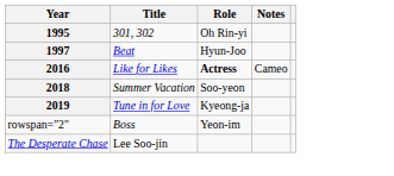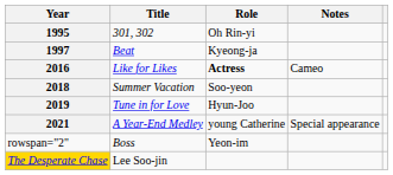 <table class="wikitable plainrowheaders">
 <tr>
 <th scope="col">Year</th>
 <th scope="col">Title</th>
 <th scope="col">Role</th>
 <th scope="col" class="unsortable">Notes</th>
 <th scope="col" class="unsortable"></th>
 </tr>
 <tr>
 <th scope="row">1995</th>
 <td><em>301, 302</em></td>
 <td>Oh Rin-yi</td>
 <td style="text-align:center"></td>
 </tr>
 <tr>
 <th scope="row">1997</th>
 <td><em><a href='#'>Beat</a></em></td>
-<td>Hyun-Joo</td>
+<td>Kyeong-ja</td>
 <td></td>
 <td style="text-align:center"></td>
 </tr>
 <tr>
 <th scope="row">2016</th>
 <td><em><a href='#'>Like for Likes</a></em></td>
 <td><strong>Actress</strong></td>
 <td>Cameo</td>
 <td style="text-align:center"></td>
 </tr>
 <tr>
 <th scope="row">2018</th>
 <td><em>Summer Vacation</em></td>
 <td>Soo-yeon</td>
 <td></td>
 <td style="text-align:center"></td>
 </tr>
 <tr>
 <th scope="row">2019</th>
 <td><em><a href='#'>Tune in for Love</a></em></td>
-<td>Kyeong-ja</td>
+<td>Hyun-Joo</td>
 <td></td>
+<td style="text-align:center"></td>
+</tr>
+<tr>
+<th scope="row">2021</th>
+<td><em><a href='#'>A Year-End Medley</a></em></td>
+<td>young Catherine</td>
+<td>Special appearance</td>
 <td style="text-align:center"></td>
 </tr>
 <tr>
 <td>rowspan="2" </td>
 <td><em>Boss</em></td>
 <td>Yeon-im</td>
 <td></td>
 <td style="text-align:center"></td>
 </tr>
 <tr>
-<td><em><a href='#'>The Desperate Chase</a></em></td>
+<td style="background: gold;"><em><a href='#'>The Desperate Chase</a></em></td>
 <td>Lee Soo-jin</td>
 <td></td>
 <td style="text-align:center"></td>
 </tr>
 </table>
